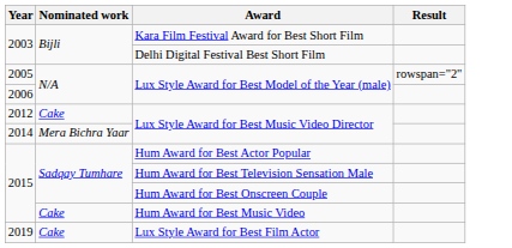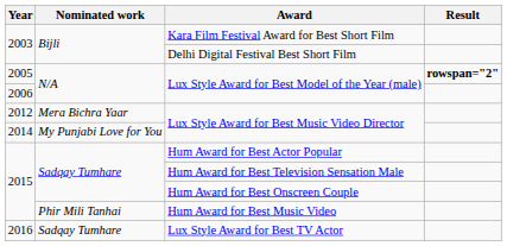 <table class="wikitable sortable">
 <tr>
 <th>Year</th>
 <th>Nominated work</th>
 <th>Award</th>
 <th>Result</th>
 </tr>
 <tr>
 <td rowspan="2">2003</td>
 <td rowspan="2"><em>Bijli</em></td>
 <td><a href='#'>Kara Film Festival</a> Award for Best Short Film</td>
 <td></td>
 </tr>
 <tr>
 <td>Delhi Digital Festival Best Short Film</td>
 <td></td>
 </tr>
 <tr>
 <td>2005</td>
 <td rowspan="2"><em>N/A</em></td>
 <td rowspan="2"><a href='#'>Lux Style Award for Best Model of the Year (male)</a></td>
-<td>rowspan="2" </td>
+<td><strong>rowspan="2" </strong></td>
 </tr>
 <tr>
 <td>2006</td>
 </tr>
 <tr>
 <td>2012</td>
-<td><em><a href='#'>Cake</a></em></td>
+<td><em>Mera Bichra Yaar</em></td>
 <td rowspan="2"><a href='#'>Lux Style Award for Best Music Video Director</a></td>
 <td></td>
 </tr>
 <tr>
 <td>2014</td>
-<td><em>Mera Bichra Yaar</em></td>
+<td><em>My Punjabi Love for You</em></td>
 <td></td>
 </tr>
 <tr>
 <td rowspan="4">2015</td>
 <td rowspan="3"><em><a href='#'>Sadqay Tumhare</a></em></td>
 <td><a href='#'>Hum Award for Best Actor Popular</a></td>
 <td></td>
 </tr>
 <tr>
 <td><a href='#'>Hum Award for Best Television Sensation Male</a></td>
 <td></td>
 </tr>
 <tr>
 <td><a href='#'>Hum Award for Best Onscreen Couple</a></td>
 <td></td>
 </tr>
 <tr>
-<td><em><a href='#'>Cake</a></em></td>
+<td><em>Phir Mili Tanhai</em></td>
 <td><a href='#'>Hum Award for Best Music Video</a></td>
 <td></td>
 </tr>
 <tr>
-<td>2019</td>
-<td><em><a href='#'>Cake</a></em></td>
-<td><a href='#'>Lux Style Award for Best Film Actor</a></td>
+<td>2016</td>
+<td><em>Sadqay Tumhare</em></td>
+<td><a href='#'>Lux Style Award for Best TV Actor</a></td>
 <td></td>
 </tr>
 </table>
